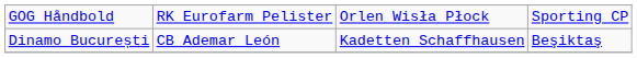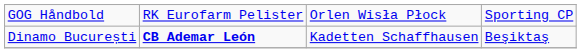 <table class="wikitable">
 <tr>
 <td> <a href='#'>GOG Håndbold</a></td>
 <td> <a href='#'>RK Eurofarm Pelister</a></td>
 <td> <a href='#'>Orlen Wisła Płock</a></td>
 <td> <a href='#'>Sporting CP</a></td>
 </tr>
 <tr>
 <td> <a href='#'>Dinamo București</a></td>
-<td> <a href='#'>CB Ademar León</a></td>
+<td><strong> <a href='#'>CB Ademar León</a></strong></td>
 <td> <a href='#'>Kadetten Schaffhausen</a></td>
 <td> <a href='#'>Beşiktaş</a></td>
 </tr>
 <tr>
 </tr>
 </table>
